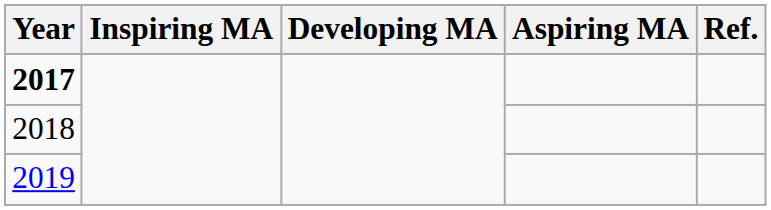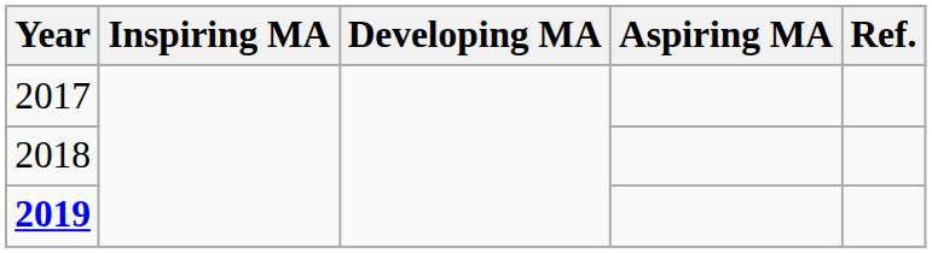 <table class="wikitable">
 <tr>
 <th>Year</th>
 <th>Inspiring MA</th>
 <th>Developing MA</th>
 <th>Aspiring MA</th>
 <th>Ref.</th>
 </tr>
 <tr>
-<td><strong>2017</strong></td>
+<td>2017</td>
 <td rowspan=3></td>
 <td rowspan=3></td>
 <td></td>
 <td></td>
 </tr>
 <tr>
 <td>2018</td>
 <td></td>
 <td></td>
 </tr>
 <tr>
-<td><a href='#'>2019</a></td>
+<td><strong><a href='#'>2019</a></strong></td>
 <td></td>
 <td></td>
 </tr>
 </table>
